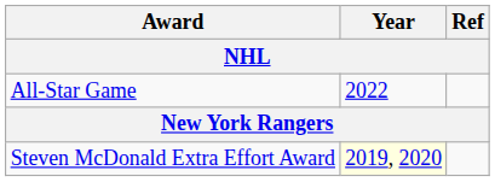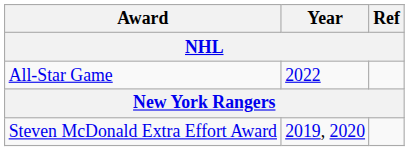 <table class="wikitable">
 <tr>
 <th>Award</th>
 <th>Year</th>
 <th>Ref</th>
 </tr>
 <tr>
 <th colspan="3"><a href='#'>NHL</a></th>
 </tr>
 <tr>
 <td><a href='#'>All-Star Game</a></td>
 <td><a href='#'>2022</a></td>
 <td></td>
 </tr>
 <tr>
 <th colspan="3"><a href='#'>New York Rangers</a></th>
 </tr>
 <tr>
 <td><a href='#'>Steven McDonald Extra Effort Award</a></td>
-<td style="background: lightyellow;"><a href='#'>2019</a>, <a href='#'>2020</a></td>
+<td><a href='#'>2019</a>, <a href='#'>2020</a></td>
 <td></td>
 </tr>
 </table>
